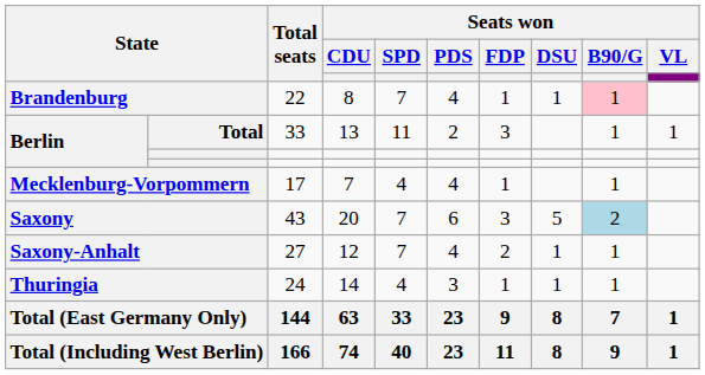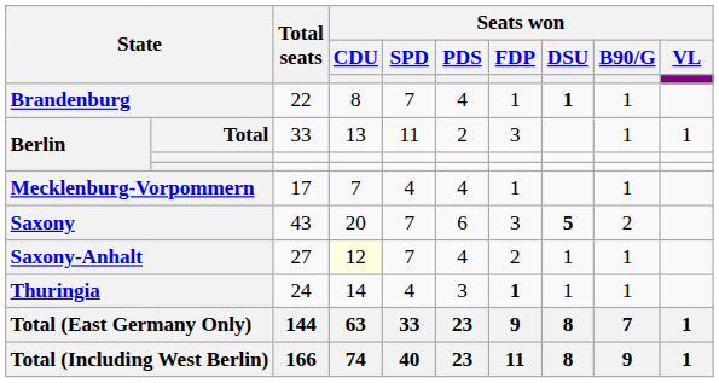 <table class="wikitable" style="text-align:center; font-size: 0.9em;">
 <tr>
 <th colspan="2" rowspan="3">State</th>
 <th rowspan="3">Total<br>seats</th>
 <th colspan="7">Seats won</th>
 </tr>
 <tr>
 <th class="unsortable" style="width:30px;"><a href='#'>CDU</a></th>
 <th class="unsortable" style="width:30px;"><a href='#'>SPD</a></th>
 <th class="unsortable" style="width:30px;"><a href='#'>PDS</a></th>
 <th class="unsortable" style="width:30px;"><a href='#'>FDP</a></th>
 <th class="unsortable" style="width:30px;"><a href='#'>DSU</a></th>
 <th class="unsortable" style="width:30px;"><a href='#'>B90/G</a></th>
 <th class="unsortable" style="width:30px;"><a href='#'>VL</a></th>
 </tr>
 <tr>
 <th style="background:"></th>
 <th style="background:"></th>
 <th style="background:"></th>
 <th style="background:"></th>
 <th style="background:"></th>
 <th style="background:"></th>
 <th style="background:#800080;"></th>
 </tr>
 <tr>
 <th colspan="2" style="text-align: left;"><a href='#'>Brandenburg</a></th>
 <td>22</td>
 <td>8</td>
 <td>7</td>
 <td>4</td>
 <td>1</td>
+<td><strong>1</strong></td>
 <td>1</td>
-<td style="background: pink;">1</td>
 <td></td>
 </tr>
 <tr>
 <th rowspan="3" style="text-align: left;">Berlin</th>
 <th style="text-align: right;">Total</th>
 <td>33</td>
 <td>13</td>
 <td>11</td>
 <td>2</td>
 <td>3</td>
 <td></td>
 <td>1</td>
 <td>1</td>
 </tr>
 <tr>
 <th style="text-align: right;"></th>
 <td></td>
 <td></td>
 <td></td>
 <td></td>
 <td></td>
 <td></td>
 <td></td>
 <td></td>
 </tr>
 <tr>
 <th style="text-align: right;"></th>
 <td></td>
 <td></td>
 <td></td>
 <td></td>
 <td></td>
 <td></td>
 <td></td>
 <td></td>
 </tr>
 <tr>
 <th colspan="2" style="text-align: left;"><a href='#'>Mecklenburg-Vorpommern</a></th>
 <td>17</td>
 <td>7</td>
 <td>4</td>
 <td>4</td>
 <td>1</td>
 <td></td>
 <td>1</td>
 <td></td>
 </tr>
 <tr>
 <th colspan="2" style="text-align: left;"><a href='#'>Saxony</a></th>
 <td>43</td>
 <td>20</td>
 <td>7</td>
 <td>6</td>
 <td>3</td>
-<td>5</td>
-<td style="background: lightblue;">2</td>
+<td><strong>5</strong></td>
+<td>2</td>
 <td></td>
 </tr>
 <tr>
 <th colspan="2" style="text-align: left;"><a href='#'>Saxony-Anhalt</a></th>
 <td>27</td>
-<td>12</td>
+<td style="background: lightyellow;">12</td>
 <td>7</td>
 <td>4</td>
 <td>2</td>
 <td>1</td>
 <td>1</td>
 <td></td>
 </tr>
 <tr>
 <th colspan="2" style="text-align: left;"><a href='#'>Thuringia</a></th>
 <td>24</td>
 <td>14</td>
 <td>4</td>
 <td>3</td>
-<td>1</td>
+<td><strong>1</strong></td>
 <td>1</td>
 <td>1</td>
 <td></td>
 </tr>
 <tr class="sortbottom">
 <th colspan="2" style="text-align: left;">Total (East Germany Only)</th>
 <th>144</th>
 <th>63</th>
 <th>33</th>
 <th>23</th>
 <th>9</th>
 <th>8</th>
 <th>7</th>
 <th>1</th>
 </tr>
 <tr>
 <th colspan="2" style="text-align: left;">Total (Including West Berlin)</th>
 <th>166</th>
 <th>74</th>
 <th>40</th>
 <th>23</th>
 <th>11</th>
 <th>8</th>
 <th>9</th>
 <th>1</th>
 </tr>
 </table>
